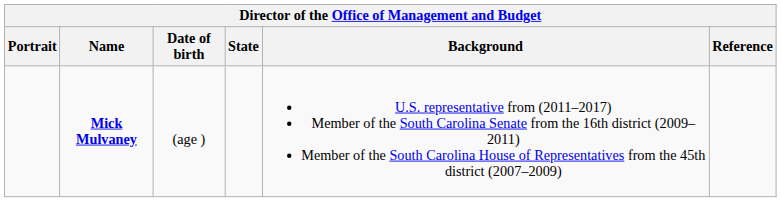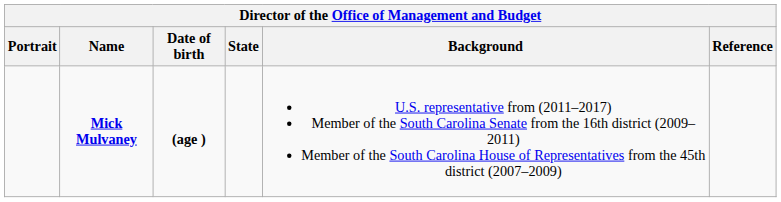 <table class="wikitable collapsible" style="text-align:center;">
 <tr>
 <th colspan="6">Director of the <a href='#'>Office of Management and Budget</a></th>
 </tr>
 <tr>
 <th>Portrait</th>
 <th>Name</th>
 <th>Date of birth</th>
 <th>State</th>
 <th>Background</th>
 <th>Reference</th>
 </tr>
 <tr>
 <td></td>
 <td><strong><a href='#'>Mick Mulvaney</a></strong></td>
-<td><br>(age )</td>
+<td><strong><br>(age )</strong></td>
 <td></td>
 <td><br><ul><li><a href='#'>U.S. representative</a> from  (2011–2017)</li><li>Member of the <a href='#'>South Carolina Senate</a> from the 16th district (2009–2011)</li><li>Member of the <a href='#'>South Carolina House of Representatives</a> from the 45th district (2007–2009)</li></ul></td>
 <td></td>
 </tr>
 </table>
